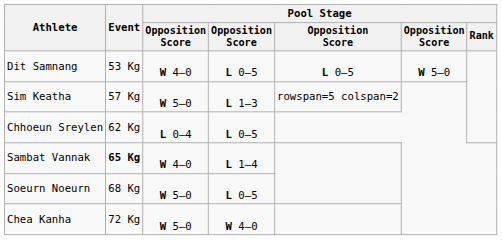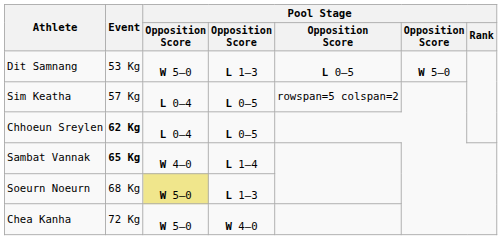 <table class="wikitable" style="font-size:90%">
 <tr>
 <th rowspan=2>Athlete</th>
 <th rowspan=2>Event</th>
 <th colspan=5>Pool Stage</th>
 </tr>
 <tr style="font-size:95%">
 <th>Opposition<br>Score</th>
 <th>Opposition<br>Score</th>
 <th>Opposition<br>Score</th>
 <th>Opposition<br>Score</th>
 <th>Rank</th>
 </tr>
 <tr align=center>
 <td align=left>Dit Samnang</td>
 <td align=left>53 Kg</td>
-<td><br><strong>W</strong> 4–0</td>
-<td><br><strong>L</strong> 0–5</td>
+<td><br><strong>W</strong> 5–0</td>
+<td><br><strong>L</strong> 1–3</td>
 <td><br><strong>L</strong> 0–5</td>
 <td><br><strong>W</strong> 5–0</td>
 <td rowspan=3></td>
 </tr>
 <tr align=center>
 <td align=left>Sim Keatha</td>
 <td align=left>57 Kg</td>
-<td><br><strong>W</strong> 5–0</td>
-<td><br><strong>L</strong> 1–3</td>
+<td><br><strong>L</strong> 0–4</td>
+<td><br><strong>L</strong> 0–5</td>
 <td>rowspan=5 colspan=2 </td>
 </tr>
 <tr align=center>
 <td align=left>Chhoeun Sreylen</td>
-<td align=left>62 Kg</td>
+<td align=left><strong>62 Kg</strong></td>
 <td><br><strong>L</strong> 0–4</td>
 <td><br><strong>L</strong> 0–5</td>
 </tr>
 <tr align=center>
 <td align=left>Sambat Vannak</td>
 <td align=left><strong>65 Kg</strong></td>
 <td><br><strong>W</strong> 4–0</td>
 <td><br><strong>L</strong> 1–4</td>
 <td rowspan=2></td>
 </tr>
 <tr align=center>
 <td align=left>Soeurn Noeurn</td>
 <td align=left>68 Kg</td>
-<td><br><strong>W</strong> 5–0</td>
-<td><br><strong>L</strong> 0–5</td>
+<td style="background: khaki;"><br><strong>W</strong> 5–0</td>
+<td><br><strong>L</strong> 1–3</td>
 </tr>
 <tr align=center>
 <td align=left>Chea Kanha</td>
 <td align=left>72 Kg</td>
 <td><br><strong>W</strong> 5–0</td>
 <td><br><strong>W</strong> 4–0</td>
 <td></td>
 </tr>
 </table>
